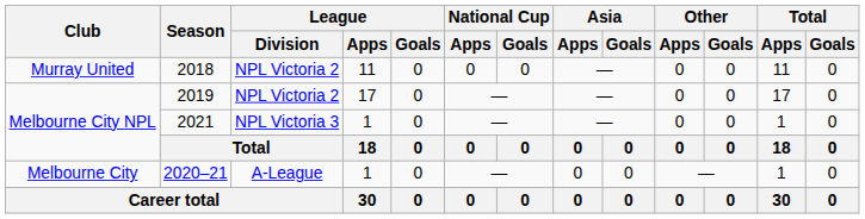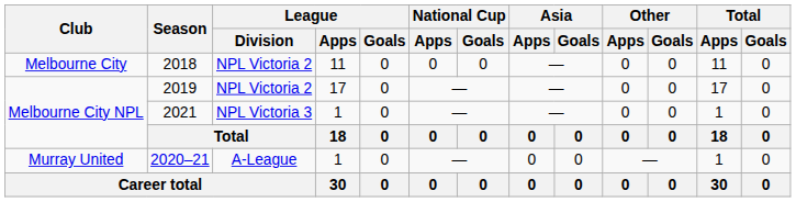 <table class="wikitable" style="text-align: center;">
 <tr>
 <th rowspan="2">Club</th>
 <th rowspan="2">Season</th>
 <th colspan="3">League</th>
 <th colspan="2">National Cup</th>
 <th colspan="2">Asia</th>
 <th colspan="2">Other</th>
 <th colspan="2">Total</th>
 </tr>
 <tr>
 <th>Division</th>
 <th>Apps</th>
 <th>Goals</th>
 <th>Apps</th>
 <th>Goals</th>
 <th>Apps</th>
 <th>Goals</th>
 <th>Apps</th>
 <th>Goals</th>
 <th>Apps</th>
 <th>Goals</th>
 </tr>
 <tr>
-<td><a href='#'>Murray United</a></td>
+<td><a href='#'>Melbourne City</a></td>
 <td>2018</td>
 <td><a href='#'>NPL Victoria 2</a></td>
 <td>11</td>
 <td>0</td>
 <td>0</td>
 <td>0</td>
 <td colspan=2>—</td>
 <td>0</td>
 <td>0</td>
 <td>11</td>
 <td>0</td>
 </tr>
 <tr>
 <td rowspan="3"><a href='#'>Melbourne City NPL</a></td>
 <td>2019</td>
 <td><a href='#'>NPL Victoria 2</a></td>
 <td>17</td>
 <td>0</td>
 <td colspan=2>—</td>
 <td colspan=2>—</td>
 <td>0</td>
 <td>0</td>
 <td>17</td>
 <td>0</td>
 </tr>
 <tr>
 <td>2021</td>
 <td><a href='#'>NPL Victoria 3</a></td>
 <td>1</td>
 <td>0</td>
 <td colspan=2>—</td>
 <td colspan=2>—</td>
 <td>0</td>
 <td>0</td>
 <td>1</td>
 <td>0</td>
 </tr>
 <tr>
 <th colspan=2>Total</th>
 <th>18</th>
 <th>0</th>
 <th>0</th>
 <th>0</th>
 <th>0</th>
 <th>0</th>
 <th>0</th>
 <th>0</th>
 <th>18</th>
 <th>0</th>
 </tr>
 <tr>
-<td><a href='#'>Melbourne City</a></td>
+<td><a href='#'>Murray United</a></td>
 <td><a href='#'>2020–21</a></td>
 <td><a href='#'>A-League</a></td>
 <td>1</td>
 <td>0</td>
 <td colspan=2>—</td>
 <td>0</td>
 <td>0</td>
 <td colspan=2>—</td>
 <td>1</td>
 <td>0</td>
 </tr>
 <tr>
 <th colspan=3>Career total</th>
 <th>30</th>
 <th>0</th>
 <th>0</th>
 <th>0</th>
 <th>0</th>
 <th>0</th>
 <th>0</th>
 <th>0</th>
 <th>30</th>
 <th>0</th>
 </tr>
 </table>
